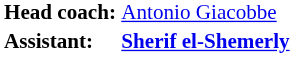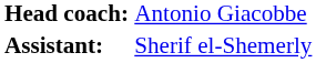 <table>
 <tr>
 <td><strong>Head coach:</strong></td>
 <td><a href='#'>Antonio Giacobbe</a></td>
 </tr>
 <tr>
 <td><strong>Assistant:</strong></td>
-<td><strong><a href='#'>Sherif el-Shemerly</a></strong></td>
+<td><a href='#'>Sherif el-Shemerly</a></td>
 </tr>
 </table>
